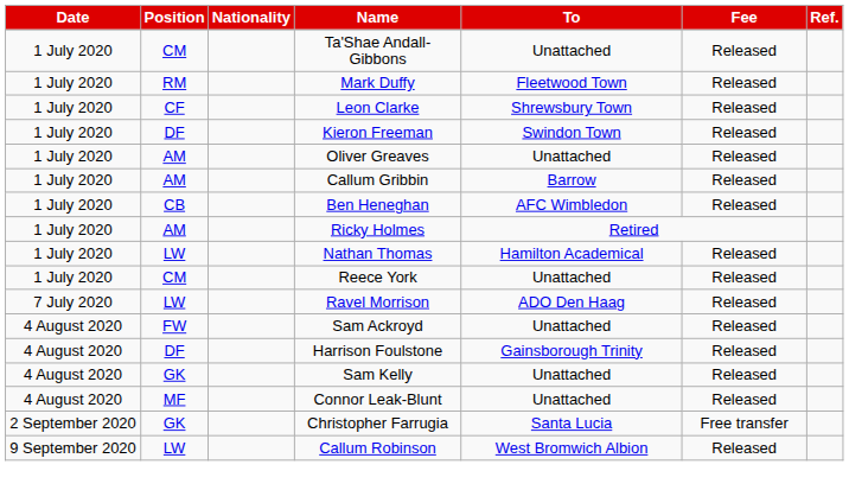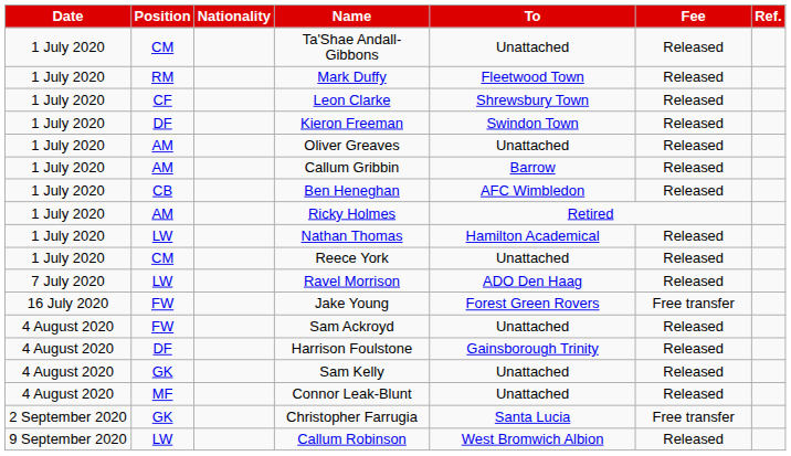 <table class="wikitable"  style="text-align:center; font-size:90%; ">
 <tr>
 <th style="background:#DD0000; color:#FFFFFF; width:120px;">Date</th>
 <th style="background:#DD0000; color:#FFFFFF; width:50px;">Position</th>
 <th style="background:#DD0000; color:#FFFFFF; width:50px;">Nationality</th>
 <th style="background:#DD0000; color:#FFFFFF; width:150px;">Name</th>
 <th style="background:#DD0000; color:#FFFFFF; width:200px;">To</th>
 <th style="background:#DD0000; color:#FFFFFF; width:110px;">Fee</th>
 <th style="background:#DD0000; color:#FFFFFF; width:25px;">Ref.</th>
 </tr>
 <tr>
 <td>1 July 2020</td>
 <td><a href='#'>CM</a></td>
 <td></td>
 <td>Ta'Shae Andall-Gibbons</td>
 <td> Unattached</td>
 <td>Released</td>
 <td></td>
 </tr>
 <tr>
 <td>1 July 2020</td>
 <td><a href='#'>RM</a></td>
 <td></td>
 <td><a href='#'>Mark Duffy</a></td>
 <td> <a href='#'>Fleetwood Town</a></td>
 <td>Released</td>
 <td></td>
 </tr>
 <tr>
 <td>1 July 2020</td>
 <td><a href='#'>CF</a></td>
 <td></td>
 <td><a href='#'>Leon Clarke</a></td>
 <td> <a href='#'>Shrewsbury Town</a></td>
 <td>Released</td>
 <td></td>
 </tr>
 <tr>
 <td>1 July 2020</td>
 <td><a href='#'>DF</a></td>
 <td></td>
 <td><a href='#'>Kieron Freeman</a></td>
 <td> <a href='#'>Swindon Town</a></td>
 <td>Released</td>
 <td></td>
 </tr>
 <tr>
 <td>1 July 2020</td>
 <td><a href='#'>AM</a></td>
 <td></td>
 <td>Oliver Greaves</td>
 <td> Unattached</td>
 <td>Released</td>
 <td></td>
 </tr>
 <tr>
 <td>1 July 2020</td>
 <td><a href='#'>AM</a></td>
 <td></td>
 <td>Callum Gribbin</td>
 <td> <a href='#'>Barrow</a></td>
 <td>Released</td>
 <td></td>
 </tr>
 <tr>
 <td>1 July 2020</td>
 <td><a href='#'>CB</a></td>
 <td></td>
 <td><a href='#'>Ben Heneghan</a></td>
 <td> <a href='#'>AFC Wimbledon</a></td>
 <td>Released</td>
 <td></td>
 </tr>
 <tr>
 <td>1 July 2020</td>
 <td><a href='#'>AM</a></td>
 <td></td>
 <td><a href='#'>Ricky Holmes</a></td>
 <td colspan="2"><a href='#'>Retired</a></td>
 <td></td>
 </tr>
 <tr>
 <td>1 July 2020</td>
 <td><a href='#'>LW</a></td>
 <td></td>
 <td><a href='#'>Nathan Thomas</a></td>
 <td> <a href='#'>Hamilton Academical</a></td>
 <td>Released</td>
 <td></td>
 </tr>
 <tr>
 <td>1 July 2020</td>
 <td><a href='#'>CM</a></td>
 <td></td>
 <td>Reece York</td>
 <td> Unattached</td>
 <td>Released</td>
 <td></td>
 </tr>
 <tr>
 <td>7 July 2020</td>
 <td><a href='#'>LW</a></td>
 <td></td>
 <td><a href='#'>Ravel Morrison</a></td>
 <td> <a href='#'>ADO Den Haag</a></td>
 <td>Released</td>
 <td></td>
 </tr>
 <tr>
+<td>16 July 2020</td>
+<td><a href='#'>FW</a></td>
+<td></td>
+<td>Jake Young</td>
+<td> <a href='#'>Forest Green Rovers</a></td>
+<td>Free transfer</td>
+<td></td>
+</tr>
+<tr>
 <td>4 August 2020</td>
 <td><a href='#'>FW</a></td>
 <td></td>
 <td>Sam Ackroyd</td>
 <td> Unattached</td>
 <td>Released</td>
 <td></td>
 </tr>
 <tr>
 <td>4 August 2020</td>
 <td><a href='#'>DF</a></td>
 <td></td>
 <td>Harrison Foulstone</td>
 <td> <a href='#'>Gainsborough Trinity</a></td>
 <td>Released</td>
 <td></td>
 </tr>
 <tr>
 <td>4 August 2020</td>
 <td><a href='#'>GK</a></td>
 <td></td>
 <td>Sam Kelly</td>
 <td> Unattached</td>
 <td>Released</td>
 <td></td>
 </tr>
 <tr>
 <td>4 August 2020</td>
 <td><a href='#'>MF</a></td>
 <td></td>
 <td>Connor Leak-Blunt</td>
 <td> Unattached</td>
 <td>Released</td>
 <td></td>
 </tr>
 <tr>
 <td>2 September 2020</td>
 <td><a href='#'>GK</a></td>
 <td></td>
 <td>Christopher Farrugia</td>
 <td> <a href='#'>Santa Lucia</a></td>
 <td>Free transfer</td>
 <td></td>
 </tr>
 <tr>
 <td>9 September 2020</td>
 <td><a href='#'>LW</a></td>
 <td></td>
 <td><a href='#'>Callum Robinson</a></td>
 <td> <a href='#'>West Bromwich Albion</a></td>
 <td>Released</td>
 <td></td>
 </tr>
 </table>
